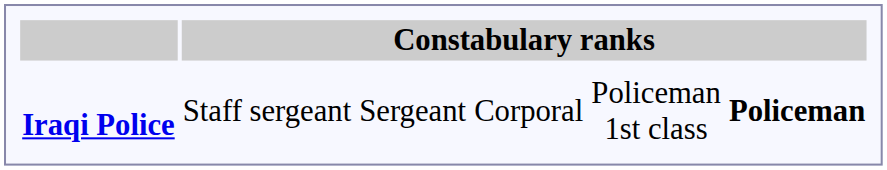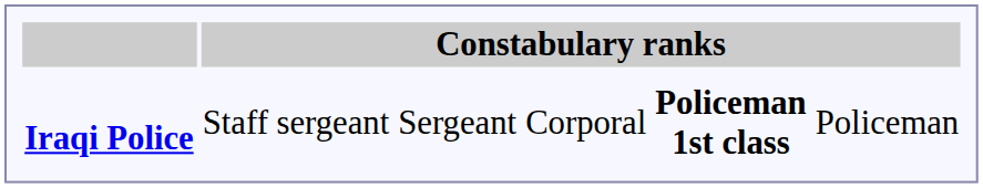 <table style="border:1px solid #8888aa; background-color:#f7f8ff; padding:5px; font-size:95%; margin: 0px 12px 12px 0px;">
 <tr style="background:#ccc;">
 <th></th>
 <th colspan=8>Constabulary ranks</th>
 </tr>
 <tr style="text-align:center;">
 <td rowspan=3> <br><strong><a href='#'>Iraqi Police</a></strong></td>
 <td></td>
 <td></td>
 <td></td>
 <td></td>
 <td></td>
 </tr>
 <tr style="text-align:center;">
 <td>Staff sergeant</td>
 <td>Sergeant</td>
 <td>Corporal</td>
-<td>Policeman <br> 1st class</td>
-<td><strong>Policeman</strong></td>
+<td><strong>Policeman <br> 1st class</strong></td>
+<td>Policeman</td>
 </tr>
 </table>
